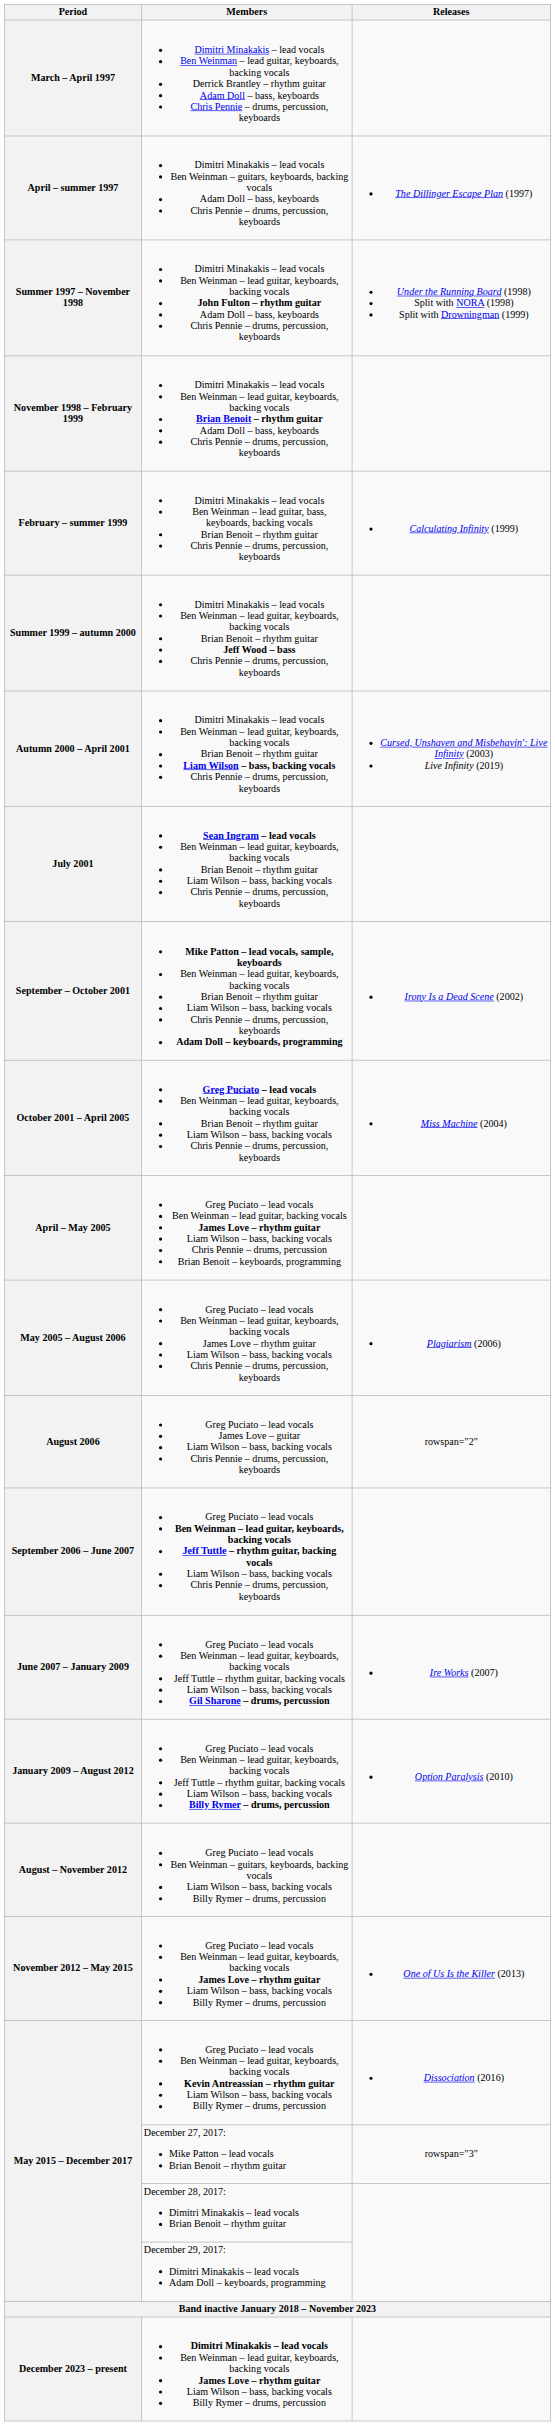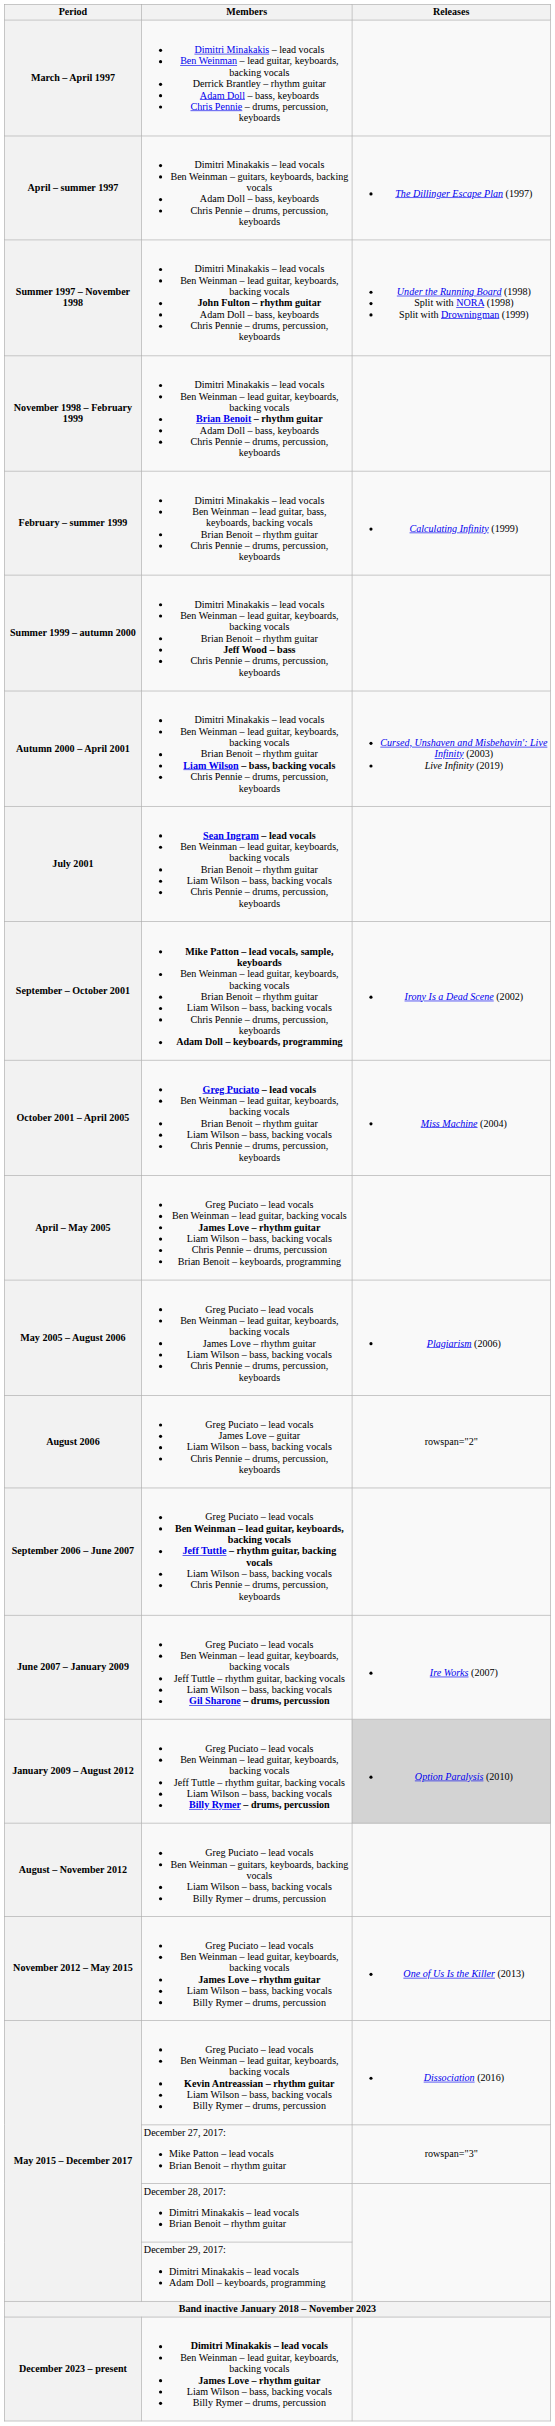 <table class="wikitable plainrowheaders" style="text-align:center;">
 <tr>
 <th scope="col" style="width:20em;">Period</th>
 <th scope="col" style="width:30em;">Members</th>
 <th scope="col" style="width:28em;">Releases</th>
 </tr>
 <tr>
 <th scope="col">March – April 1997</th>
 <td><br><ul><li><a href='#'>Dimitri Minakakis</a> – lead vocals</li><li><a href='#'>Ben Weinman</a> – lead guitar, keyboards, backing vocals</li><li>Derrick Brantley – rhythm guitar</li><li><a href='#'>Adam Doll</a> – bass, keyboards</li><li><a href='#'>Chris Pennie</a> – drums, percussion, keyboards</li></ul></td>
 <td></td>
 </tr>
 <tr>
 <th scope="col">April – summer 1997</th>
 <td><br><ul><li>Dimitri Minakakis – lead vocals</li><li>Ben Weinman – guitars, keyboards, backing vocals</li><li>Adam Doll – bass, keyboards</li><li>Chris Pennie – drums, percussion, keyboards</li></ul></td>
 <td><br><ul><li><em><a href='#'>The Dillinger Escape Plan</a></em> (1997)</li></ul></td>
 </tr>
 <tr>
 <th scope="col">Summer 1997 – November 1998</th>
 <td><br><ul><li>Dimitri Minakakis – lead vocals</li><li>Ben Weinman – lead guitar, keyboards, backing vocals</li><li><strong>John Fulton – rhythm guitar</strong></li><li>Adam Doll – bass, keyboards</li><li>Chris Pennie – drums, percussion, keyboards</li></ul></td>
 <td><br><ul><li><em><a href='#'>Under the Running Board</a></em> (1998)</li><li>Split with <a href='#'>NORA</a> (1998)</li><li>Split with <a href='#'>Drowningman</a> (1999)</li></ul></td>
 </tr>
 <tr>
 <th scope="col">November 1998 – February 1999</th>
 <td><br><ul><li>Dimitri Minakakis – lead vocals</li><li>Ben Weinman – lead guitar, keyboards, backing vocals</li><li><strong><a href='#'>Brian Benoit</a> – rhythm guitar</strong></li><li>Adam Doll – bass, keyboards</li><li>Chris Pennie – drums, percussion, keyboards</li></ul></td>
 <td></td>
 </tr>
 <tr>
 <th scope="col">February – summer 1999</th>
 <td><br><ul><li>Dimitri Minakakis – lead vocals</li><li>Ben Weinman – lead guitar, bass, keyboards, backing vocals</li><li>Brian Benoit – rhythm guitar</li><li>Chris Pennie – drums, percussion, keyboards</li></ul></td>
 <td><br><ul><li><em><a href='#'>Calculating Infinity</a></em> (1999)</li></ul></td>
 </tr>
 <tr>
 <th scope="col">Summer 1999 – autumn 2000</th>
 <td><br><ul><li>Dimitri Minakakis – lead vocals</li><li>Ben Weinman – lead guitar, keyboards, backing vocals</li><li>Brian Benoit – rhythm guitar</li><li><strong>Jeff Wood – bass</strong></li><li>Chris Pennie – drums, percussion, keyboards</li></ul></td>
 <td></td>
 </tr>
 <tr>
 <th scope="col">Autumn 2000 – April 2001</th>
 <td><br><ul><li>Dimitri Minakakis – lead vocals</li><li>Ben Weinman – lead guitar, keyboards, backing vocals</li><li>Brian Benoit – rhythm guitar</li><li><strong><a href='#'>Liam Wilson</a> – bass, backing vocals</strong></li><li>Chris Pennie – drums, percussion, keyboards</li></ul></td>
 <td><br><ul><li><em><a href='#'>Cursed, Unshaven and Misbehavin': Live Infinity</a></em> (2003)</li><li><em>Live Infinity</em> (2019)</li></ul></td>
 </tr>
 <tr>
 <th>July 2001</th>
 <td><br><ul><li><strong><a href='#'>Sean Ingram</a> – lead vocals </strong></li><li>Ben Weinman – lead guitar, keyboards, backing vocals</li><li>Brian Benoit – rhythm guitar</li><li>Liam Wilson – bass, backing vocals</li><li>Chris Pennie – drums, percussion, keyboards</li></ul></td>
 <td></td>
 </tr>
 <tr>
 <th scope="col">September – October 2001</th>
 <td><br><ul><li><strong>Mike Patton – lead vocals, sample, keyboards </strong></li><li>Ben Weinman – lead guitar, keyboards, backing vocals</li><li>Brian Benoit – rhythm guitar</li><li>Liam Wilson – bass, backing vocals</li><li>Chris Pennie – drums, percussion, keyboards</li><li><strong>Adam Doll – keyboards, programming</strong> </li></ul></td>
 <td><br><ul><li><em><a href='#'>Irony Is a Dead Scene</a></em> (2002)<br></li></ul></td>
 </tr>
 <tr>
 <th scope="col">October 2001 – April 2005</th>
 <td><br><ul><li><strong><a href='#'>Greg Puciato</a> – lead vocals</strong></li><li>Ben Weinman – lead guitar, keyboards, backing vocals</li><li>Brian Benoit – rhythm guitar</li><li>Liam Wilson – bass, backing vocals</li><li>Chris Pennie – drums, percussion, keyboards</li></ul></td>
 <td><br><ul><li><em><a href='#'>Miss Machine</a></em> (2004)</li></ul></td>
 </tr>
 <tr>
 <th scope="col">April – May 2005</th>
 <td><br><ul><li>Greg Puciato – lead vocals</li><li>Ben Weinman – lead guitar, backing vocals</li><li><strong>James Love – rhythm guitar</strong></li><li>Liam Wilson – bass, backing vocals</li><li>Chris Pennie – drums, percussion</li><li>Brian Benoit – keyboards, programming</li></ul></td>
 <td></td>
 </tr>
 <tr>
 <th scope="col">May 2005 – August 2006</th>
 <td><br><ul><li>Greg Puciato – lead vocals</li><li>Ben Weinman – lead guitar, keyboards, backing vocals</li><li>James Love – rhythm guitar</li><li>Liam Wilson – bass, backing vocals</li><li>Chris Pennie – drums, percussion, keyboards</li></ul></td>
 <td><br><ul><li><em><a href='#'>Plagiarism</a></em> (2006)</li></ul></td>
 </tr>
 <tr>
 <th scope="col">August 2006</th>
 <td><br><ul><li>Greg Puciato – lead vocals</li><li>James Love – guitar</li><li>Liam Wilson – bass, backing vocals</li><li>Chris Pennie – drums, percussion, keyboards</li></ul></td>
 <td>rowspan="2" </td>
 </tr>
 <tr>
 <th scope="col">September 2006 – June 2007</th>
 <td><br><ul><li>Greg Puciato – lead vocals</li><li><strong>Ben Weinman – lead guitar, keyboards, backing vocals</strong></li><li><strong><a href='#'>Jeff Tuttle</a> – rhythm guitar, backing vocals</strong></li><li>Liam Wilson – bass, backing vocals</li><li>Chris Pennie – drums, percussion, keyboards</li></ul></td>
 </tr>
 <tr>
 <th scope="col">June 2007 – January 2009</th>
 <td><br><ul><li>Greg Puciato – lead vocals</li><li>Ben Weinman – lead guitar, keyboards, backing vocals</li><li>Jeff Tuttle – rhythm guitar, backing vocals</li><li>Liam Wilson – bass, backing vocals</li><li><strong><a href='#'>Gil Sharone</a> – drums, percussion</strong></li></ul></td>
 <td><br><ul><li><em><a href='#'>Ire Works</a></em> (2007)<br></li></ul></td>
 </tr>
 <tr>
 <th scope="col">January 2009 – August 2012</th>
 <td><br><ul><li>Greg Puciato – lead vocals</li><li>Ben Weinman – lead guitar, keyboards, backing vocals</li><li>Jeff Tuttle – rhythm guitar, backing vocals</li><li>Liam Wilson – bass, backing vocals</li><li><strong><a href='#'>Billy Rymer</a> – drums, percussion</strong></li></ul></td>
-<td><br><ul><li><em><a href='#'>Option Paralysis</a></em> (2010)</li></ul></td>
+<td style="background: lightgrey;"><br><ul><li><em><a href='#'>Option Paralysis</a></em> (2010)</li></ul></td>
 </tr>
 <tr>
 <th scope="col">August – November 2012</th>
 <td><br><ul><li>Greg Puciato – lead vocals</li><li>Ben Weinman – guitars, keyboards, backing vocals</li><li>Liam Wilson – bass, backing vocals</li><li>Billy Rymer – drums, percussion</li></ul></td>
 <td></td>
 </tr>
 <tr>
 <th scope="col">November 2012 – May 2015</th>
 <td><br><ul><li>Greg Puciato – lead vocals</li><li>Ben Weinman – lead guitar, keyboards, backing vocals</li><li><strong>James Love – rhythm guitar</strong></li><li>Liam Wilson – bass, backing vocals</li><li>Billy Rymer – drums, percussion</li></ul></td>
 <td><br><ul><li><em><a href='#'>One of Us Is the Killer</a></em> (2013)<br></li></ul></td>
 </tr>
 <tr>
 <th scope="col" rowspan="4">May 2015 – December 2017</th>
 <td><br><ul><li>Greg Puciato – lead vocals</li><li>Ben Weinman – lead guitar, keyboards, backing vocals</li><li><strong>Kevin Antreassian – rhythm guitar</strong></li><li>Liam Wilson – bass, backing vocals</li><li>Billy Rymer – drums, percussion</li></ul></td>
 <td><br><ul><li><em><a href='#'>Dissociation</a></em> (2016)</li></ul></td>
 </tr>
 <tr>
 <td align="left">December 27, 2017:<br><ul><li>Mike Patton – lead vocals </li><li>Brian Benoit – rhythm guitar </li></ul></td>
 <td>rowspan="3" </td>
 </tr>
 <tr>
 <td align="left">December 28, 2017:<br><ul><li>Dimitri Minakakis – lead vocals </li><li>Brian Benoit – rhythm guitar </li></ul></td>
 </tr>
 <tr>
 <td align="left">December 29, 2017:<br><ul><li>Dimitri Minakakis – lead vocals </li><li>Adam Doll – keyboards, programming </li></ul></td>
 </tr>
 <tr>
 <th scope="col" colspan="3">Band inactive January 2018 – November 2023</th>
 </tr>
 <tr>
 <th scope="col">December 2023 – present</th>
 <td><br><ul><li><strong>Dimitri Minakakis – lead vocals</strong></li><li>Ben Weinman – lead guitar, keyboards, backing vocals</li><li><strong>James Love – rhythm guitar</strong></li><li>Liam Wilson – bass, backing vocals</li><li>Billy Rymer – drums, percussion</li></ul></td>
 <td></td>
 </tr>
 </table>
